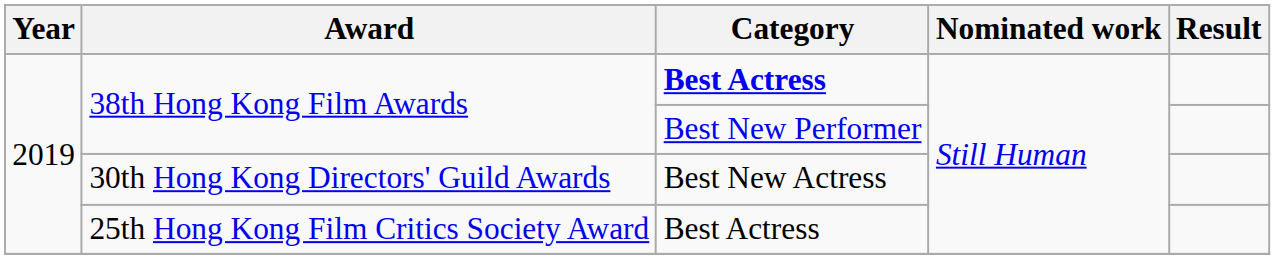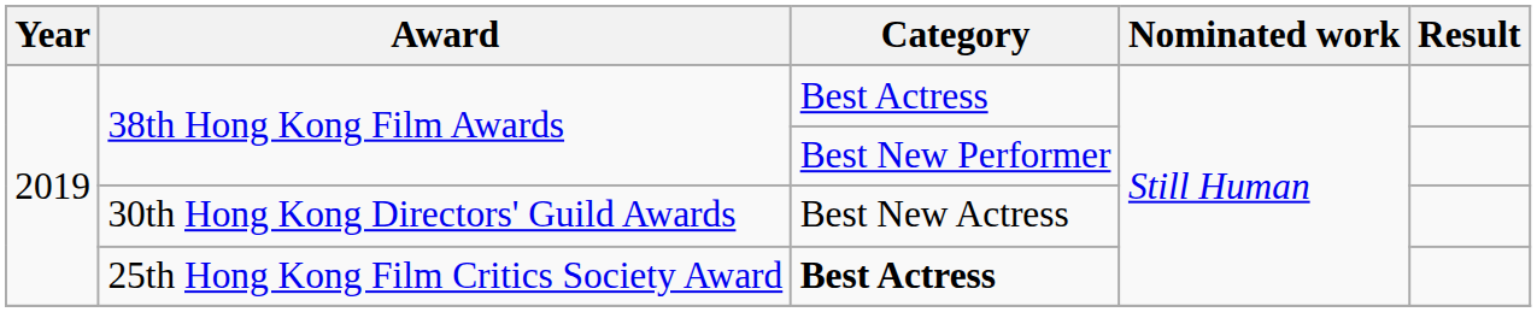 <table class="wikitable sortable">
 <tr>
 <th>Year</th>
 <th>Award</th>
 <th>Category</th>
 <th>Nominated work</th>
 <th>Result</th>
 </tr>
 <tr>
 <td rowspan=4>2019</td>
 <td rowspan=2><a href='#'>38th Hong Kong Film Awards</a></td>
-<td><strong><a href='#'>Best Actress</a></strong></td>
+<td><a href='#'>Best Actress</a></td>
 <td rowspan=4><em><a href='#'>Still Human</a></em></td>
 <td></td>
 </tr>
 <tr>
 <td><a href='#'>Best New Performer</a></td>
 <td></td>
 </tr>
 <tr>
 <td>30th <a href='#'>Hong Kong Directors' Guild Awards</a></td>
 <td>Best New Actress</td>
 <td></td>
 </tr>
 <tr>
 <td>25th <a href='#'>Hong Kong Film Critics Society Award</a></td>
-<td>Best Actress</td>
+<td><strong>Best Actress</strong></td>
 <td></td>
 </tr>
 <tr>
 </tr>
 </table>
